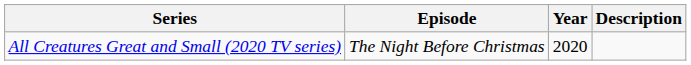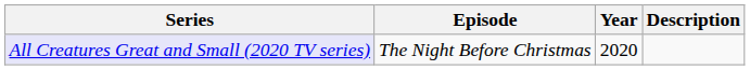 <table class='wikitable sortable"'>
 <tr>
 <th>Series</th>
 <th>Episode</th>
 <th>Year</th>
 <th>Description</th>
 </tr>
 <tr>
-<td><em><a href='#'>All Creatures Great and Small (2020 TV series)</a></em></td>
+<td style="background: lavender;"><em><a href='#'>All Creatures Great and Small (2020 TV series)</a></em></td>
 <td><em>The Night Before Christmas</em></td>
 <td>2020</td>
 <td></td>
 </tr>
 </table>
